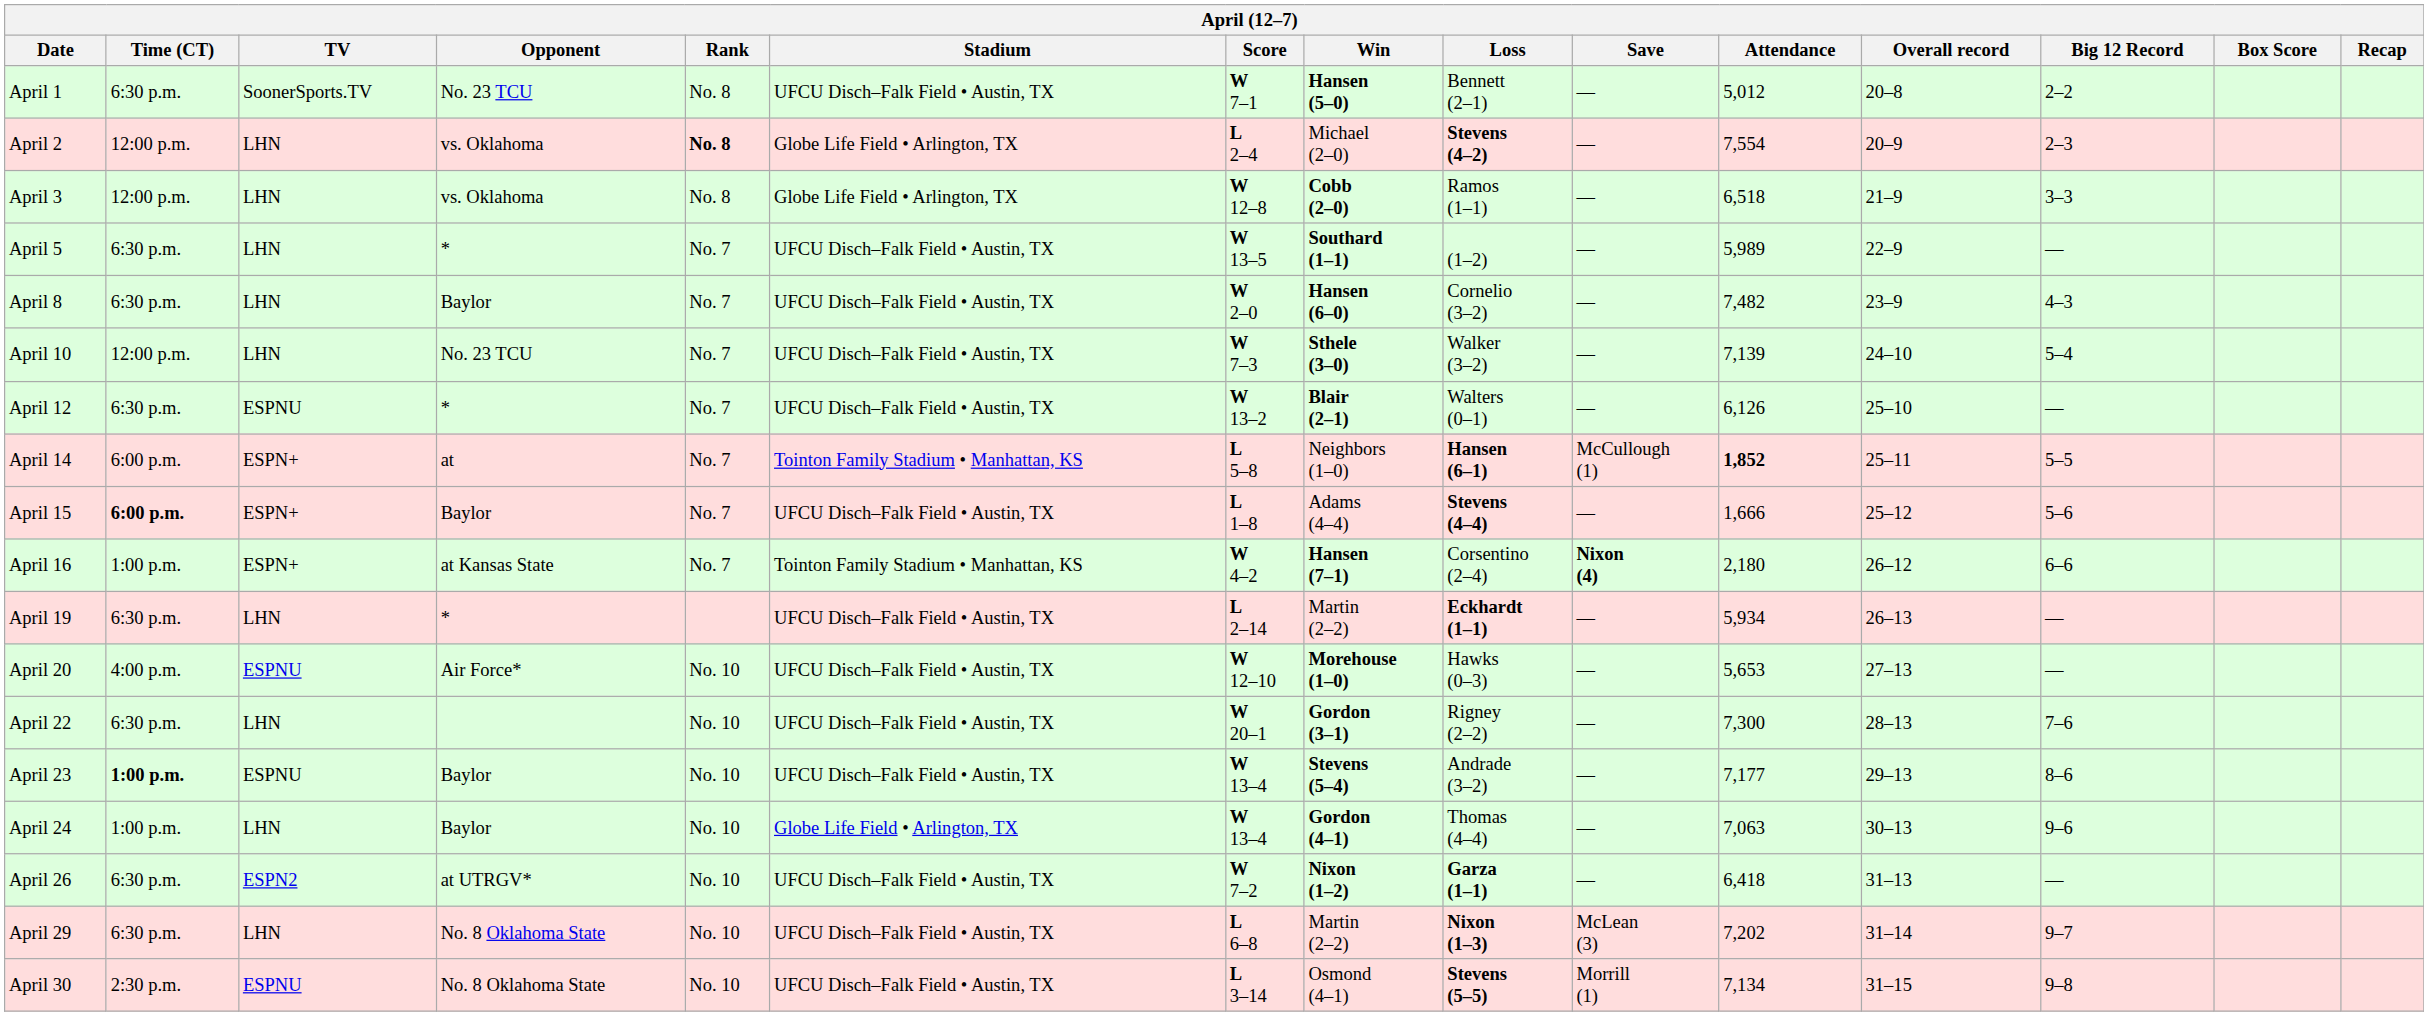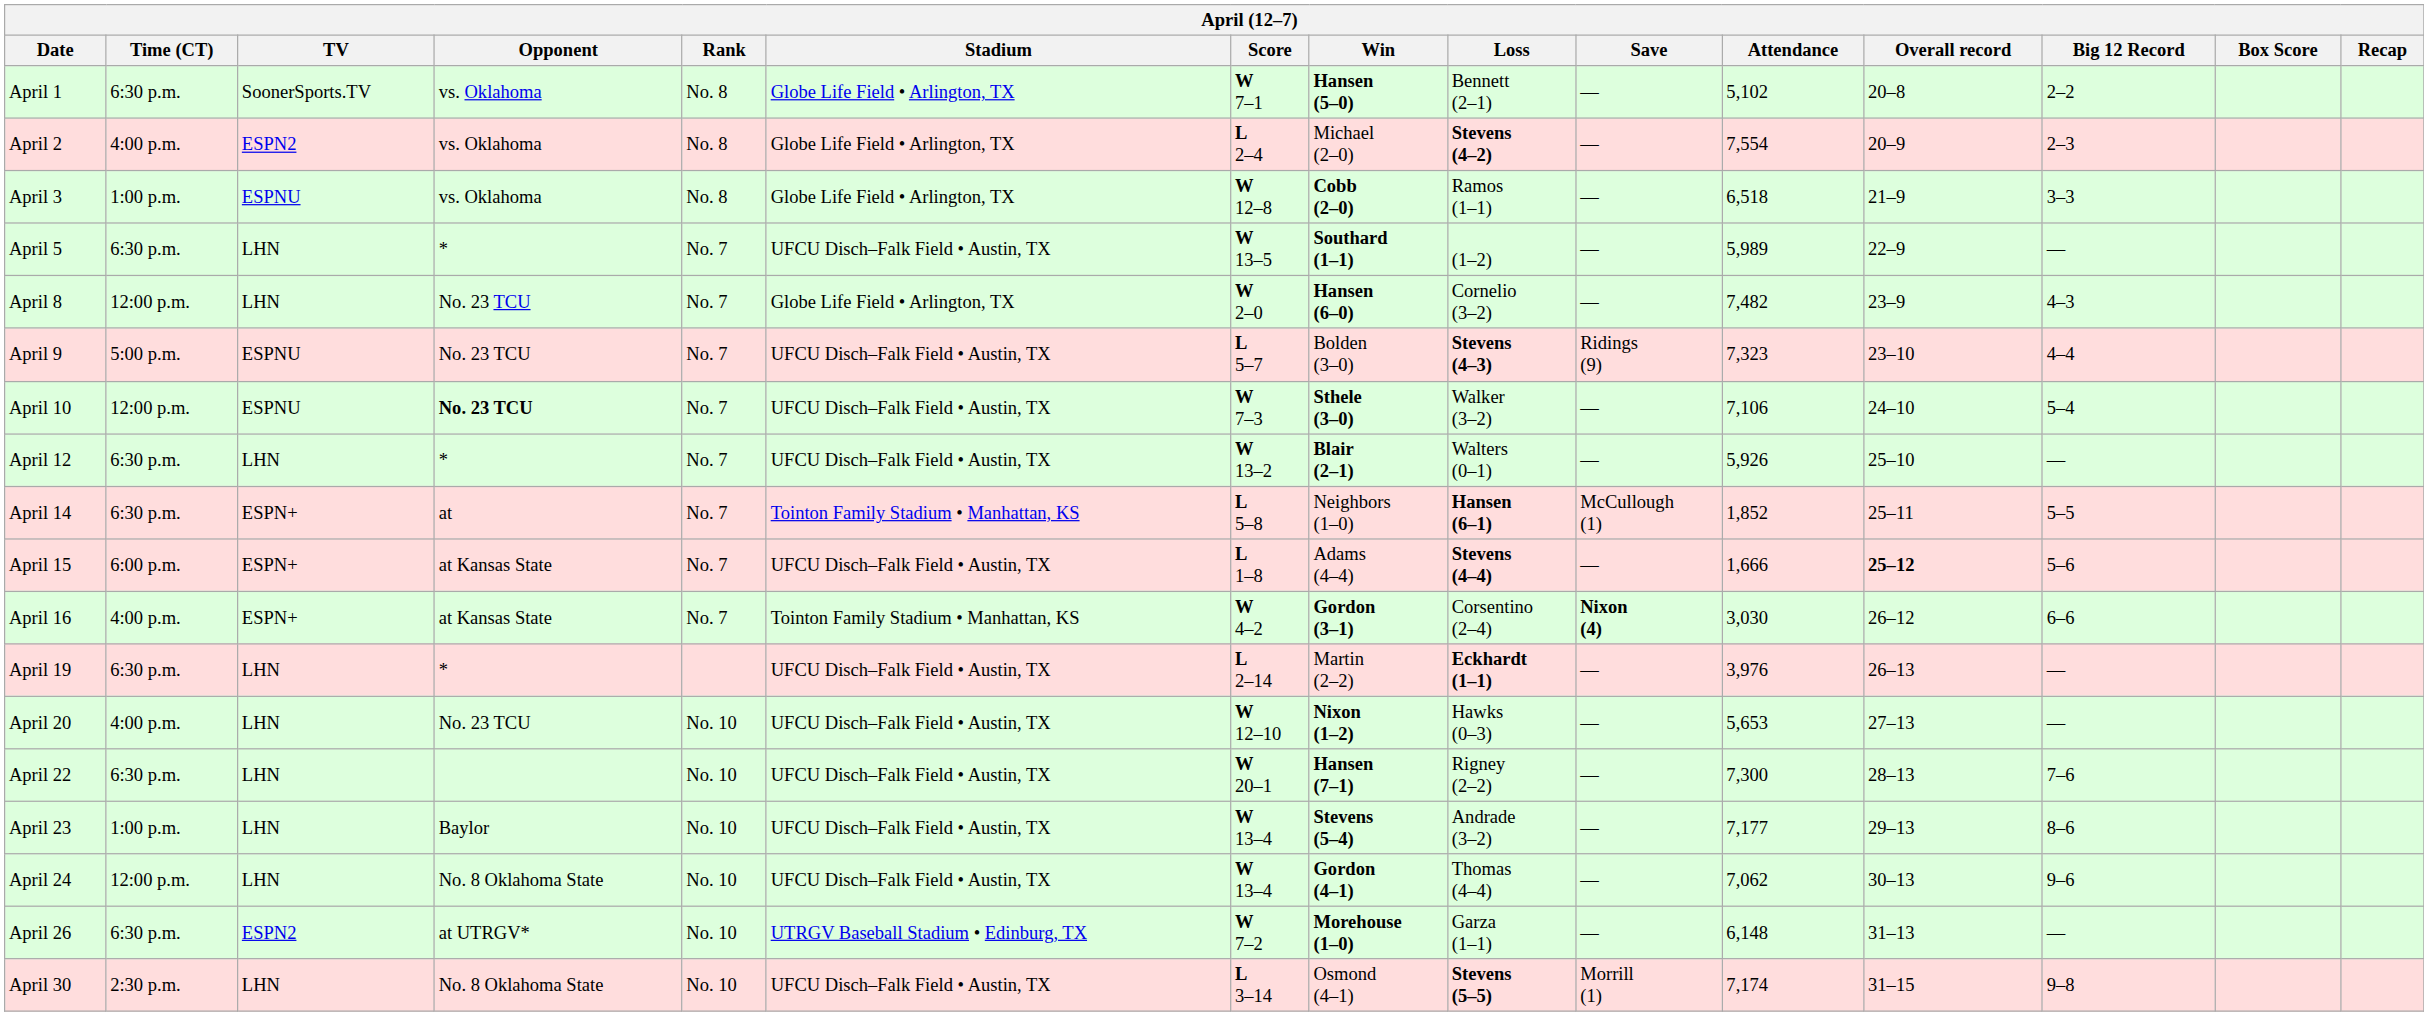 <table class="wikitable collapsible collapsed" style="margin:auto; font-size:95%; width:100%">
 <tr>
 <th colspan=15 style="padding-left:4em;">April (12–7)</th>
 </tr>
 <tr>
 <th>Date</th>
 <th>Time (CT)</th>
 <th>TV</th>
 <th>Opponent</th>
 <th>Rank</th>
 <th>Stadium</th>
 <th>Score</th>
 <th>Win</th>
 <th>Loss</th>
 <th>Save</th>
 <th>Attendance</th>
 <th>Overall record</th>
 <th>Big 12 Record</th>
 <th>Box Score</th>
 <th>Recap</th>
 </tr>
 <tr bgcolor= #ddffdd>
 <td>April 1</td>
 <td>6:30 p.m.</td>
 <td>SoonerSports.TV</td>
-<td>No. 23 <a href='#'>TCU</a></td>
+<td>vs. <a href='#'>Oklahoma</a></td>
 <td>No. 8</td>
-<td>UFCU Disch–Falk Field • Austin, TX</td>
+<td><a href='#'>Globe Life Field</a> • <a href='#'>Arlington, TX</a></td>
 <td><strong>W</strong><br>7–1</td>
 <td><strong>Hansen<br>(5–0)</strong></td>
 <td>Bennett<br>(2–1)</td>
 <td>—</td>
-<td>5,012</td>
+<td>5,102</td>
 <td>20–8</td>
 <td>2–2</td>
 <td></td>
 <td></td>
 </tr>
 <tr bgcolor= #Ffdddd>
 <td>April 2</td>
-<td>12:00 p.m.</td>
-<td>LHN</td>
+<td>4:00 p.m.</td>
+<td><a href='#'>ESPN2</a></td>
 <td>vs. Oklahoma</td>
-<td><strong>No. 8</strong></td>
+<td>No. 8</td>
 <td>Globe Life Field • Arlington, TX</td>
 <td><strong>L</strong><br>2–4</td>
 <td>Michael<br>(2–0)</td>
 <td><strong>Stevens<br>(4–2)</strong></td>
 <td>—</td>
 <td>7,554</td>
 <td>20–9</td>
 <td>2–3</td>
 <td></td>
 <td></td>
 </tr>
 <tr bgcolor= #ddffdd>
 <td>April 3</td>
-<td>12:00 p.m.</td>
-<td>LHN</td>
+<td>1:00 p.m.</td>
+<td><a href='#'>ESPNU</a></td>
 <td>vs. Oklahoma</td>
 <td>No. 8</td>
 <td>Globe Life Field • Arlington, TX</td>
 <td><strong>W</strong><br>12–8</td>
 <td><strong>Cobb<br>(2–0)</strong></td>
 <td>Ramos<br>(1–1)</td>
 <td>—</td>
 <td>6,518</td>
 <td>21–9</td>
 <td>3–3</td>
 <td></td>
 <td></td>
 </tr>
 <tr bgcolor=#ddffdd>
 <td>April 5</td>
 <td>6:30 p.m.</td>
 <td>LHN</td>
 <td>*</td>
 <td>No. 7</td>
 <td>UFCU Disch–Falk Field • Austin, TX</td>
 <td><strong>W</strong><br>13–5</td>
 <td><strong>Southard<br>(1–1)</strong></td>
 <td><br>(1–2)</td>
 <td>—</td>
 <td>5,989</td>
 <td>22–9</td>
 <td>—</td>
 <td></td>
 <td></td>
 </tr>
 <tr bgcolor=#ddffdd>
 <td>April 8</td>
-<td>6:30 p.m.</td>
+<td>12:00 p.m.</td>
 <td>LHN</td>
-<td>Baylor</td>
+<td>No. 23 <a href='#'>TCU</a></td>
 <td>No. 7</td>
-<td>UFCU Disch–Falk Field • Austin, TX</td>
+<td>Globe Life Field • Arlington, TX</td>
 <td><strong>W</strong><br>2–0</td>
 <td><strong>Hansen<br>(6–0)</strong></td>
 <td>Cornelio<br>(3–2)</td>
 <td>—</td>
 <td>7,482</td>
 <td>23–9</td>
 <td>4–3</td>
 <td></td>
 <td></td>
 </tr>
+<tr bgcolor=#Ffdddd>
+<td>April 9</td>
+<td>5:00 p.m.</td>
+<td>ESPNU</td>
+<td>No. 23 TCU</td>
+<td>No. 7</td>
+<td>UFCU Disch–Falk Field • Austin, TX</td>
+<td><strong>L</strong><br>5–7</td>
+<td>Bolden<br>(3–0)</td>
+<td><strong>Stevens<br>(4–3)</strong></td>
+<td>Ridings<br>(9)</td>
+<td>7,323</td>
+<td>23–10</td>
+<td>4–4</td>
+<td></td>
+<td></td>
+</tr>
 <tr bgcolor=#ddffdd>
 <td>April 10</td>
 <td>12:00 p.m.</td>
-<td>LHN</td>
-<td>No. 23 TCU</td>
+<td>ESPNU</td>
+<td><strong>No. 23 TCU</strong></td>
 <td>No. 7</td>
 <td>UFCU Disch–Falk Field • Austin, TX</td>
 <td><strong>W</strong><br>7–3</td>
 <td><strong>Sthele<br>(3–0)</strong></td>
 <td>Walker<br>(3–2)</td>
 <td>—</td>
-<td>7,139</td>
+<td>7,106</td>
 <td>24–10</td>
 <td>5–4</td>
 <td></td>
 <td></td>
 </tr>
 <tr bgcolor=#ddffdd>
 <td>April 12</td>
 <td>6:30 p.m.</td>
-<td>ESPNU</td>
+<td>LHN</td>
 <td>*</td>
 <td>No. 7</td>
 <td>UFCU Disch–Falk Field • Austin, TX</td>
 <td><strong>W</strong><br>13–2</td>
 <td><strong>Blair<br>(2–1)</strong></td>
 <td>Walters<br>(0–1)</td>
 <td>—</td>
-<td>6,126</td>
+<td>5,926</td>
 <td>25–10</td>
 <td>—</td>
 <td></td>
 <td></td>
 </tr>
 <tr bgcolor=#Ffdddd>
 <td>April 14</td>
-<td>6:00 p.m.</td>
+<td>6:30 p.m.</td>
 <td>ESPN+</td>
 <td>at </td>
 <td>No. 7</td>
 <td><a href='#'>Tointon Family Stadium</a> • <a href='#'>Manhattan, KS</a></td>
 <td><strong>L</strong><br>5–8</td>
 <td>Neighbors<br>(1–0)</td>
 <td><strong>Hansen<br>(6–1)</strong></td>
 <td>McCullough<br>(1)</td>
-<td><strong>1,852</strong></td>
+<td>1,852</td>
 <td>25–11</td>
 <td>5–5</td>
 <td></td>
 <td></td>
 </tr>
 <tr bgcolor=#Ffdddd>
 <td>April 15</td>
-<td><strong>6:00 p.m.</strong></td>
+<td>6:00 p.m.</td>
 <td>ESPN+</td>
-<td>Baylor</td>
+<td>at Kansas State</td>
 <td>No. 7</td>
 <td>UFCU Disch–Falk Field • Austin, TX</td>
 <td><strong>L</strong><br>1–8</td>
 <td>Adams<br>(4–4)</td>
 <td><strong>Stevens<br>(4–4)</strong></td>
 <td>—</td>
 <td>1,666</td>
-<td>25–12</td>
+<td><strong>25–12</strong></td>
 <td>5–6</td>
 <td></td>
 <td></td>
 </tr>
 <tr bgcolor=#ddffdd>
 <td>April 16</td>
-<td>1:00 p.m.</td>
+<td>4:00 p.m.</td>
 <td>ESPN+</td>
 <td>at Kansas State</td>
 <td>No. 7</td>
 <td>Tointon Family Stadium • Manhattan, KS</td>
 <td><strong>W</strong><br>4–2</td>
-<td><strong>Hansen<br>(7–1)</strong></td>
+<td><strong>Gordon<br>(3–1)</strong></td>
 <td>Corsentino<br>(2–4)</td>
 <td><strong>Nixon<br>(4)</strong></td>
-<td>2,180</td>
+<td>3,030</td>
 <td>26–12</td>
 <td>6–6</td>
 <td></td>
 <td></td>
 </tr>
 <tr bgcolor=#Ffdddd>
 <td>April 19</td>
 <td>6:30 p.m.</td>
 <td>LHN</td>
 <td>*</td>
 <td></td>
 <td>UFCU Disch–Falk Field • Austin, TX</td>
 <td><strong>L</strong><br>2–14</td>
 <td>Martin<br>(2–2)</td>
 <td><strong>Eckhardt<br>(1–1)</strong></td>
 <td>—</td>
-<td>5,934</td>
+<td>3,976</td>
 <td>26–13</td>
 <td>—</td>
 <td></td>
 <td></td>
 </tr>
 <tr bgcolor=#ddffdd>
 <td>April 20</td>
 <td>4:00 p.m.</td>
-<td><a href='#'>ESPNU</a></td>
-<td>Air Force*</td>
+<td>LHN</td>
+<td>No. 23 TCU</td>
 <td>No. 10</td>
 <td>UFCU Disch–Falk Field • Austin, TX</td>
 <td><strong>W</strong><br>12–10</td>
-<td><strong>Morehouse<br>(1–0)</strong></td>
+<td><strong>Nixon<br>(1–2)</strong></td>
 <td>Hawks<br>(0–3)</td>
 <td>—</td>
 <td>5,653</td>
 <td>27–13</td>
 <td>—</td>
 <td></td>
 <td></td>
 </tr>
 <tr bgcolor=#ddffdd>
 <td>April 22</td>
 <td>6:30 p.m.</td>
 <td>LHN</td>
 <td></td>
 <td>No. 10</td>
 <td>UFCU Disch–Falk Field • Austin, TX</td>
 <td><strong>W</strong><br>20–1</td>
-<td><strong>Gordon<br>(3–1)</strong></td>
+<td><strong>Hansen<br>(7–1)</strong></td>
 <td>Rigney<br>(2–2)</td>
 <td>—</td>
 <td>7,300</td>
 <td>28–13</td>
 <td>7–6</td>
 <td></td>
 <td></td>
 </tr>
 <tr bgcolor=#ddffdd>
 <td>April 23</td>
-<td><strong>1:00 p.m.</strong></td>
-<td>ESPNU</td>
+<td>1:00 p.m.</td>
+<td>LHN</td>
 <td>Baylor</td>
 <td>No. 10</td>
 <td>UFCU Disch–Falk Field • Austin, TX</td>
 <td><strong>W</strong><br>13–4</td>
 <td><strong>Stevens<br>(5–4)</strong></td>
 <td>Andrade<br>(3–2)</td>
 <td>—</td>
 <td>7,177</td>
 <td>29–13</td>
 <td>8–6</td>
 <td></td>
 <td></td>
 </tr>
 <tr bgcolor=#ddffdd>
 <td>April 24</td>
-<td>1:00 p.m.</td>
+<td>12:00 p.m.</td>
 <td>LHN</td>
-<td>Baylor</td>
+<td>No. 8 Oklahoma State</td>
 <td>No. 10</td>
-<td><a href='#'>Globe Life Field</a> • <a href='#'>Arlington, TX</a></td>
+<td>UFCU Disch–Falk Field • Austin, TX</td>
 <td><strong>W</strong><br>13–4</td>
 <td><strong>Gordon<br>(4–1)</strong></td>
 <td>Thomas<br>(4–4)</td>
 <td>—</td>
-<td>7,063</td>
+<td>7,062</td>
 <td>30–13</td>
 <td>9–6</td>
 <td></td>
 <td></td>
 </tr>
 <tr bgcolor=#ddffdd>
 <td>April 26</td>
 <td>6:30 p.m.</td>
 <td><a href='#'>ESPN2</a></td>
 <td>at UTRGV*</td>
 <td>No. 10</td>
-<td>UFCU Disch–Falk Field • Austin, TX</td>
+<td><a href='#'>UTRGV Baseball Stadium</a> • <a href='#'>Edinburg, TX</a></td>
 <td><strong>W</strong><br>7–2</td>
-<td><strong>Nixon<br>(1–2)</strong></td>
-<td><strong>Garza<br>(1–1)</strong></td>
+<td><strong>Morehouse<br>(1–0)</strong></td>
+<td>Garza<br>(1–1)</td>
 <td>—</td>
-<td>6,418</td>
+<td>6,148</td>
 <td>31–13</td>
 <td>—</td>
 <td></td>
 <td></td>
 </tr>
 <tr bgcolor=#Ffdddd>
-<td>April 29</td>
-<td>6:30 p.m.</td>
-<td>LHN</td>
-<td>No. 8 <a href='#'>Oklahoma State</a></td>
-<td>No. 10</td>
-<td>UFCU Disch–Falk Field • Austin, TX</td>
-<td><strong>L</strong><br>6–8</td>
-<td>Martin<br>(2–2)</td>
-<td><strong>Nixon<br>(1–3)</strong></td>
-<td>McLean<br>(3)</td>
-<td>7,202</td>
-<td>31–14</td>
-<td>9–7</td>
-<td></td>
-<td></td>
-</tr>
-<tr bgcolor=#Ffdddd>
 <td>April 30</td>
 <td>2:30 p.m.</td>
-<td><a href='#'>ESPNU</a></td>
+<td>LHN</td>
 <td>No. 8 Oklahoma State</td>
 <td>No. 10</td>
 <td>UFCU Disch–Falk Field • Austin, TX</td>
 <td><strong>L</strong><br>3–14</td>
 <td>Osmond<br>(4–1)</td>
 <td><strong>Stevens<br>(5–5)</strong></td>
 <td>Morrill<br>(1)</td>
-<td>7,134</td>
+<td>7,174</td>
 <td>31–15</td>
 <td>9–8</td>
 <td></td>
 <td></td>
 </tr>
 </table>
